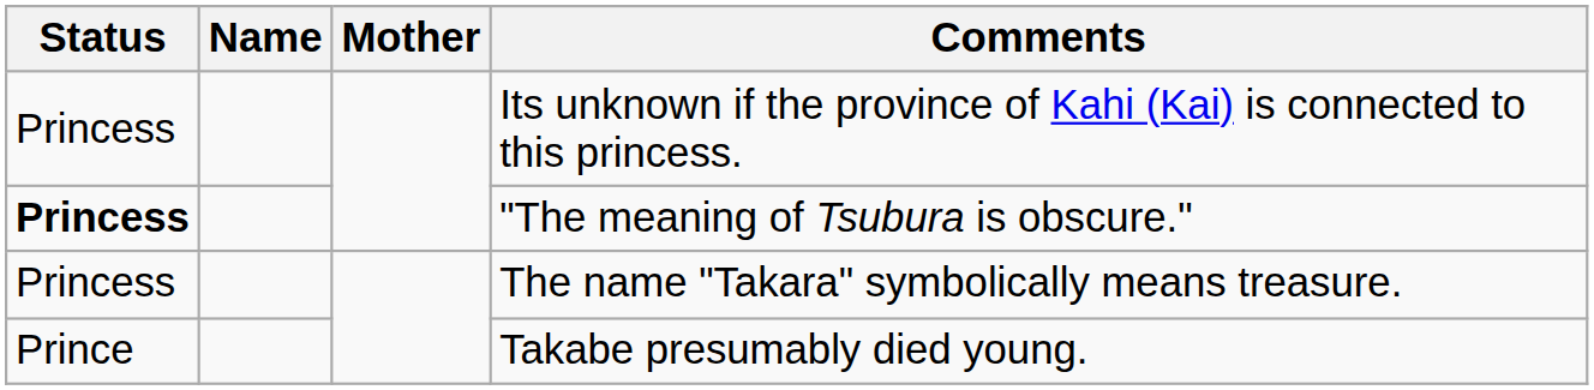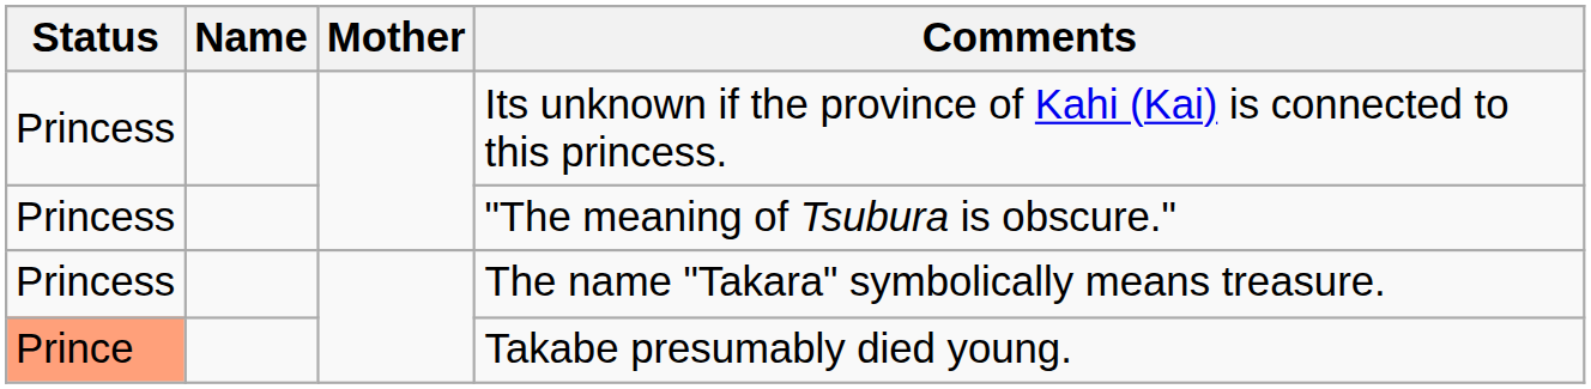 <table class="wikitable">
 <tr>
 <th>Status</th>
 <th>Name</th>
 <th>Mother</th>
 <th>Comments</th>
 </tr>
 <tr>
 <td>Princess</td>
 <td></td>
 <td rowspan=2></td>
 <td>Its unknown if the province of <a href='#'>Kahi (Kai)</a> is connected to this princess.</td>
 </tr>
 <tr>
-<td><strong>Princess</strong></td>
+<td>Princess</td>
 <td></td>
 <td>"The meaning of <em>Tsubura</em> is obscure."</td>
 </tr>
 <tr>
 <td>Princess</td>
 <td></td>
 <td rowspan=2></td>
 <td>The name "Takara" symbolically means treasure.</td>
 </tr>
 <tr>
-<td>Prince</td>
+<td style="background: lightsalmon;">Prince</td>
 <td></td>
 <td>Takabe presumably died young.</td>
 </tr>
 </table>
